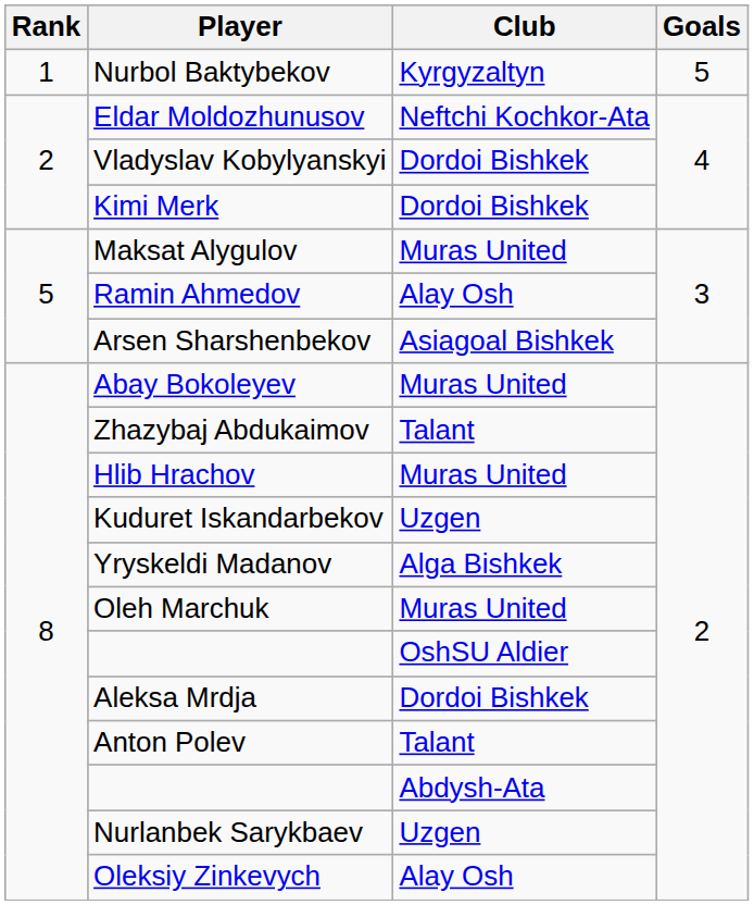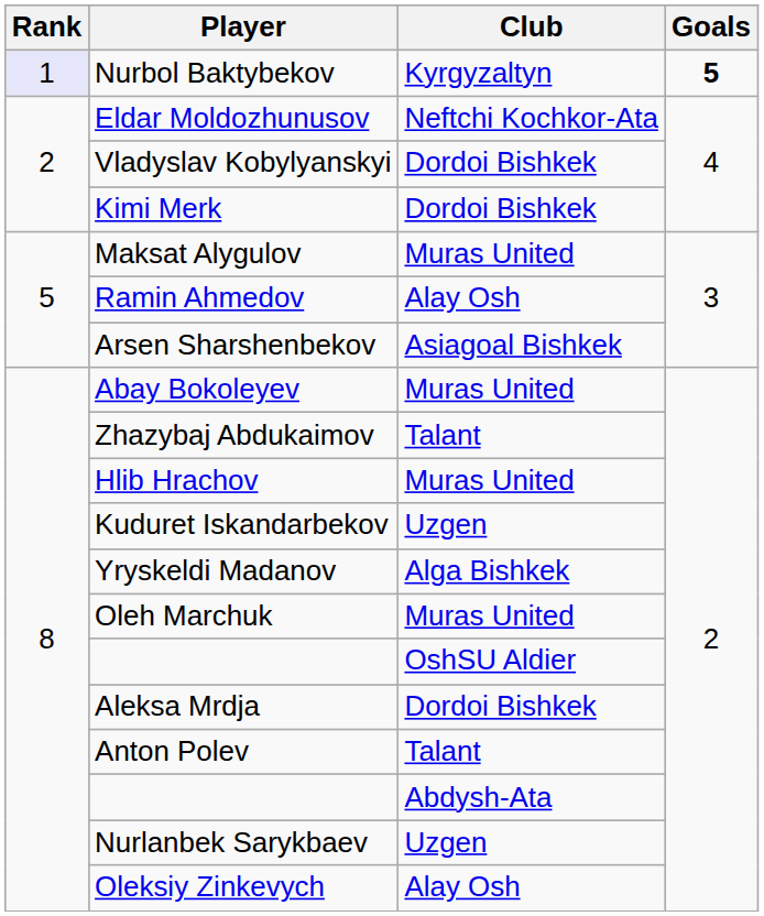 <table class="wikitable" style="text-align:center">
 <tr>
 <th>Rank</th>
 <th>Player</th>
 <th>Club</th>
 <th>Goals</th>
 </tr>
 <tr>
-<td rowspan="1">1</td>
+<td rowspan="1" style="background: lavender;">1</td>
 <td align="left"> Nurbol Baktybekov</td>
 <td align="left"><a href='#'>Kyrgyzaltyn</a></td>
-<td rowspan="1">5</td>
+<td rowspan="1"><strong>5</strong></td>
 </tr>
 <tr>
 <td rowspan="3">2</td>
 <td align="left"> <a href='#'>Eldar Moldozhunusov</a></td>
 <td align="left"><a href='#'>Neftchi Kochkor-Ata</a></td>
 <td rowspan="3">4</td>
 </tr>
 <tr>
 <td align="left"> Vladyslav Kobylyanskyi</td>
 <td align="left"><a href='#'>Dordoi Bishkek</a></td>
 </tr>
 <tr>
 <td align="left"> <a href='#'>Kimi Merk</a></td>
 <td align="left"><a href='#'>Dordoi Bishkek</a></td>
 </tr>
 <tr>
 <td rowspan="3">5</td>
 <td align="left"> Maksat Alygulov</td>
 <td align="left"><a href='#'>Muras United</a></td>
 <td rowspan="3">3</td>
 </tr>
 <tr>
 <td align="left"> <a href='#'>Ramin Ahmedov</a></td>
 <td align="left"><a href='#'>Alay Osh</a></td>
 </tr>
 <tr>
 <td align="left"> Arsen Sharshenbekov</td>
 <td align="left"><a href='#'>Asiagoal Bishkek</a></td>
 </tr>
 <tr>
 <td rowspan="12">8</td>
 <td align="left"> <a href='#'>Abay Bokoleyev</a></td>
 <td align="left"><a href='#'>Muras United</a></td>
 <td rowspan="12">2</td>
 </tr>
 <tr>
 <td align="left"> Zhazybaj Abdukaimov</td>
 <td align="left"><a href='#'>Talant</a></td>
 </tr>
 <tr>
 <td align="left"> <a href='#'>Hlib Hrachov</a></td>
 <td align="left"><a href='#'>Muras United</a></td>
 </tr>
 <tr>
 <td align="left"> Kuduret Iskandarbekov</td>
 <td align="left"><a href='#'>Uzgen</a></td>
 </tr>
 <tr>
 <td align="left"> Yryskeldi Madanov</td>
 <td align="left"><a href='#'>Alga Bishkek</a></td>
 </tr>
 <tr>
 <td align="left"> Oleh Marchuk</td>
 <td align="left"><a href='#'>Muras United</a></td>
 </tr>
 <tr>
 <td align="left"> </td>
 <td align="left"><a href='#'>OshSU Aldier</a></td>
 </tr>
 <tr>
 <td align="left"> Aleksa Mrdja</td>
 <td align="left"><a href='#'>Dordoi Bishkek</a></td>
 </tr>
 <tr>
 <td align="left"> Anton Polev</td>
 <td align="left"><a href='#'>Talant</a></td>
 </tr>
 <tr>
 <td align="left"> </td>
 <td align="left"><a href='#'>Abdysh-Ata</a></td>
 </tr>
 <tr>
 <td align="left"> Nurlanbek Sarykbaev</td>
 <td align="left"><a href='#'>Uzgen</a></td>
 </tr>
 <tr>
 <td align="left"> <a href='#'>Oleksiy Zinkevych</a></td>
 <td align="left"><a href='#'>Alay Osh</a></td>
 </tr>
 </table>
